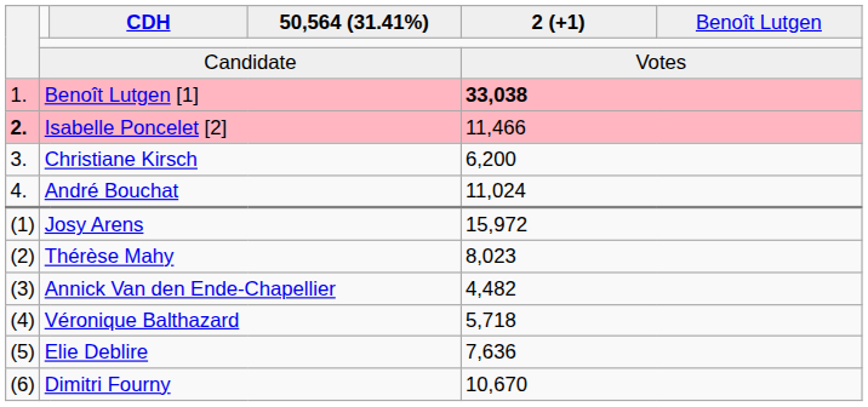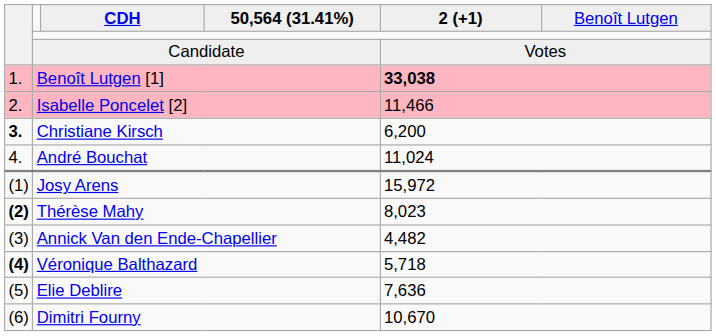 <table class="wikitable collapsible collapsed" style=text-align:left;font-size:90%>
 <tr>
 <th rowspan=3></th>
 <td bgcolor=></td>
 <td bgcolor=efefef width=200 align=center><strong> <a href='#'>CDH</a></strong></td>
 <td bgcolor=efefef width=200 align=center><strong> 50,564 (31.41%)</strong></td>
 <td bgcolor=efefef width=200 align=center><strong> 2 (+1)</strong></td>
 <td bgcolor=efefef width=200 align=center><a href='#'>Benoît Lutgen</a></td>
 </tr>
 <tr>
 <td colspan=5 bgcolor=></td>
 </tr>
 <tr>
 <td bgcolor=efefef align=center colspan=3>Candidate</td>
 <td bgcolor=efefef align=center colspan=2>Votes</td>
 </tr>
 <tr bgcolor=lightpink>
 <td>1.</td>
 <td colspan=3><a href='#'>Benoît Lutgen</a> [1]</td>
 <td colspan=2><strong>33,038</strong></td>
 </tr>
 <tr bgcolor=lightpink>
-<td><strong>2.</strong></td>
+<td>2.</td>
 <td colspan=3><a href='#'>Isabelle Poncelet</a> [2]</td>
 <td colspan=2>11,466</td>
 </tr>
 <tr>
-<td>3.</td>
+<td><strong>3.</strong></td>
 <td colspan=3><a href='#'>Christiane Kirsch</a></td>
 <td colspan=2>6,200</td>
 </tr>
 <tr>
 <td>4.</td>
 <td colspan=3><a href='#'>André Bouchat</a></td>
 <td colspan=2>11,024</td>
 </tr>
 <tr style="border-top:2px solid gray;">
 <td>(1)</td>
 <td colspan=3><a href='#'>Josy Arens</a></td>
 <td colspan=2>15,972</td>
 </tr>
 <tr>
-<td>(2)</td>
+<td><strong>(2)</strong></td>
 <td colspan=3><a href='#'>Thérèse Mahy</a></td>
 <td colspan=2>8,023</td>
 </tr>
 <tr>
 <td>(3)</td>
 <td colspan=3><a href='#'>Annick Van den Ende-Chapellier</a></td>
 <td colspan=2>4,482</td>
 </tr>
 <tr>
-<td>(4)</td>
+<td><strong>(4)</strong></td>
 <td colspan=3><a href='#'>Véronique Balthazard</a></td>
 <td colspan=2>5,718</td>
 </tr>
 <tr>
 <td>(5)</td>
 <td colspan=3><a href='#'>Elie Deblire</a></td>
 <td colspan=2>7,636</td>
 </tr>
 <tr>
 <td>(6)</td>
 <td colspan=3><a href='#'>Dimitri Fourny</a></td>
 <td colspan=2>10,670</td>
 </tr>
 </table>
